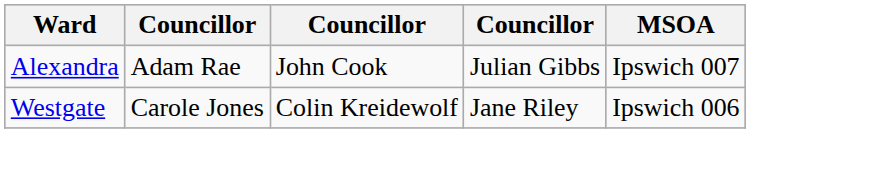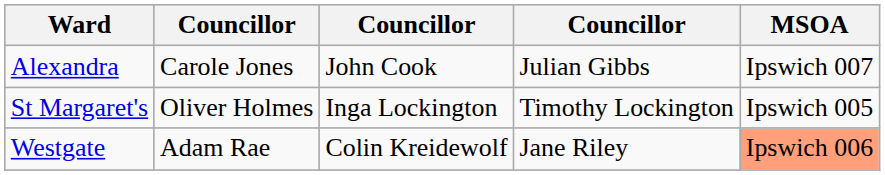 <table class="wikitable">
 <tr>
 <th>Ward</th>
 <th>Councillor</th>
 <th>Councillor</th>
 <th>Councillor</th>
 <th>MSOA</th>
 </tr>
 <tr>
 <td><a href='#'>Alexandra</a></td>
-<td ! style="background-color:">Adam Rae</td>
+<td ! style="background-color:">Carole Jones</td>
 <td ! style="background-color:">John Cook</td>
 <td ! style="background-color:">Julian Gibbs</td>
 <td>Ipswich 007</td>
 </tr>
 <tr>
+<td><a href='#'>St Margaret's</a></td>
+<td ! style="background-color:">Oliver Holmes</td>
+<td ! style="background-color:">Inga Lockington</td>
+<td ! style="background-color:">Timothy Lockington</td>
+<td>Ipswich 005</td>
+</tr>
+<tr>
 <td><a href='#'>Westgate</a></td>
-<td ! style="background-color:">Carole Jones</td>
+<td ! style="background-color:">Adam Rae</td>
 <td ! style="background-color:">Colin Kreidewolf</td>
 <td ! style="background-color:">Jane Riley</td>
-<td>Ipswich 006</td>
+<td style="background: lightsalmon;">Ipswich 006</td>
 </tr>
 </table>
